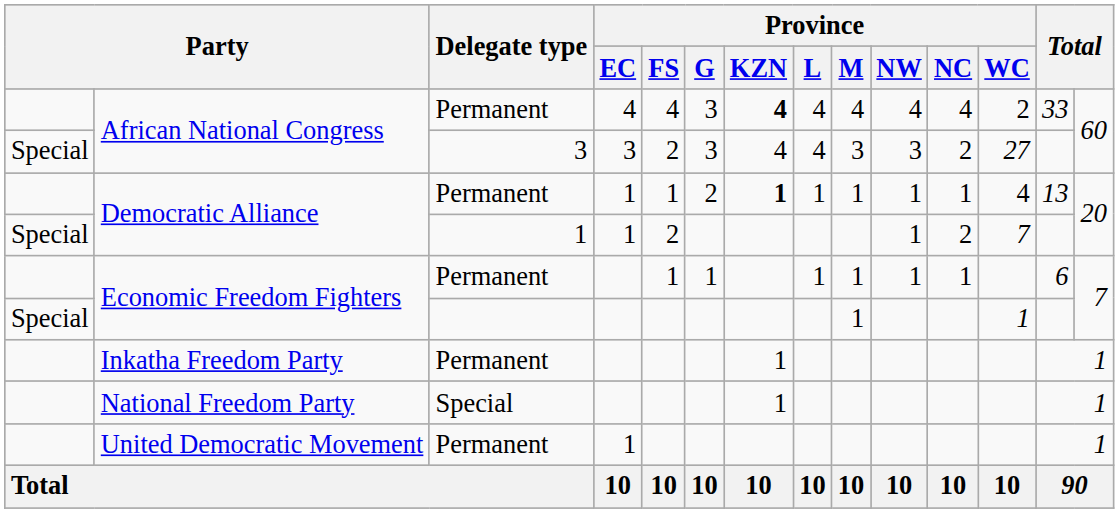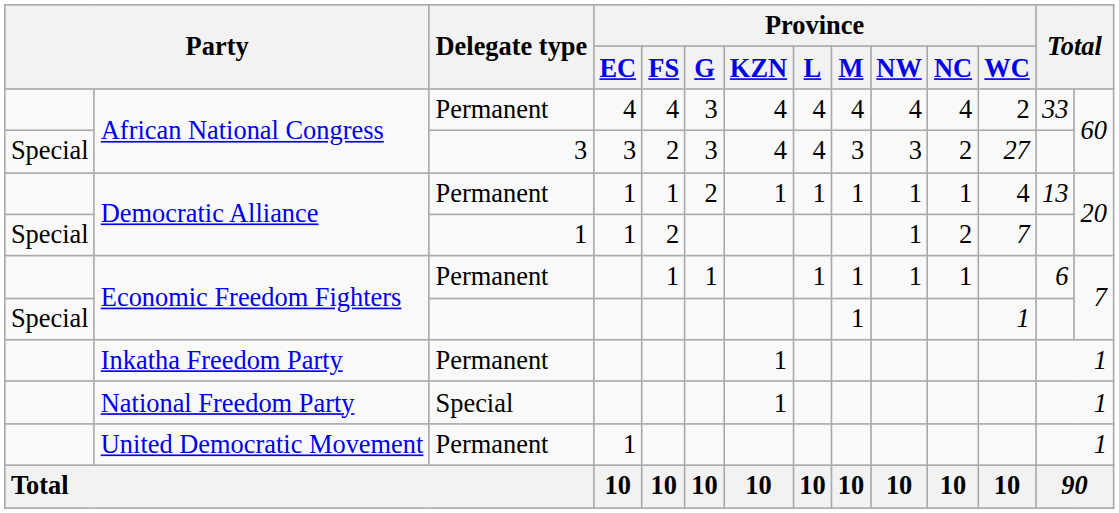 <table class=wikitable  style=text-align:right>
 <tr>
 <th colspan=2 rowspan=2>Party</th>
 <th rowspan=2>Delegate type</th>
 <th colspan=9 style="text-align:center">Province</th>
 <th colspan=2 rowspan=2><em>Total</em></th>
 </tr>
 <tr>
 <th><a href='#'>EC</a></th>
 <th><a href='#'>FS</a></th>
 <th><a href='#'>G</a></th>
 <th><a href='#'>KZN</a></th>
 <th><a href='#'>L</a></th>
 <th><a href='#'>M</a></th>
 <th><a href='#'>NW</a></th>
 <th><a href='#'>NC</a></th>
 <th><a href='#'>WC</a></th>
 </tr>
 <tr>
 <td bgcolor=></td>
 <td align=left rowspan=2><a href='#'>African National Congress</a></td>
 <td align=left>Permanent</td>
 <td>4</td>
 <td>4</td>
 <td>3</td>
-<td><strong>4</strong></td>
+<td>4</td>
 <td>4</td>
 <td>4</td>
 <td>4</td>
 <td>4</td>
 <td>2</td>
 <td><em>33</em></td>
 <td rowspan=2><em>60</em></td>
 </tr>
 <tr>
 <td align=left>Special</td>
 <td>3</td>
 <td>3</td>
 <td>2</td>
 <td>3</td>
 <td>4</td>
 <td>4</td>
 <td>3</td>
 <td>3</td>
 <td>2</td>
 <td><em>27</em></td>
 </tr>
 <tr>
 <td bgcolor=></td>
 <td align=left rowspan=2><a href='#'>Democratic Alliance</a></td>
 <td align=left>Permanent</td>
 <td>1</td>
 <td>1</td>
 <td>2</td>
-<td><strong>1</strong></td>
+<td>1</td>
 <td>1</td>
 <td>1</td>
 <td>1</td>
 <td>1</td>
 <td>4</td>
 <td><em>13</em></td>
 <td rowspan=2><em>20</em></td>
 </tr>
 <tr>
 <td align=left>Special</td>
 <td>1</td>
 <td>1</td>
 <td>2</td>
 <td></td>
 <td></td>
 <td></td>
 <td></td>
 <td>1</td>
 <td>2</td>
 <td><em>7</em></td>
 </tr>
 <tr>
 <td bgcolor=></td>
 <td align=left rowspan=2><a href='#'>Economic Freedom Fighters</a></td>
 <td align=left>Permanent</td>
 <td></td>
 <td>1</td>
 <td>1</td>
 <td></td>
 <td>1</td>
 <td>1</td>
 <td>1</td>
 <td>1</td>
 <td></td>
 <td><em>6</em></td>
 <td rowspan=2><em>7</em></td>
 </tr>
 <tr>
 <td align=left>Special</td>
 <td></td>
 <td></td>
 <td></td>
 <td></td>
 <td></td>
 <td></td>
 <td>1</td>
 <td></td>
 <td></td>
 <td><em>1</em></td>
 </tr>
 <tr>
 <td bgcolor=></td>
 <td align=left><a href='#'>Inkatha Freedom Party</a></td>
 <td align=left>Permanent</td>
 <td></td>
 <td></td>
 <td></td>
 <td>1</td>
 <td></td>
 <td></td>
 <td></td>
 <td></td>
 <td></td>
 <td colspan=2><em>1</em></td>
 </tr>
 <tr>
 <td bgcolor=></td>
 <td align=left><a href='#'>National Freedom Party</a></td>
 <td align=left>Special</td>
 <td></td>
 <td></td>
 <td></td>
 <td>1</td>
 <td></td>
 <td></td>
 <td></td>
 <td></td>
 <td></td>
 <td colspan=2><em>1</em></td>
 </tr>
 <tr>
 <td bgcolor=></td>
 <td align=left><a href='#'>United Democratic Movement</a></td>
 <td align=left>Permanent</td>
 <td>1</td>
 <td></td>
 <td></td>
 <td></td>
 <td></td>
 <td></td>
 <td></td>
 <td></td>
 <td></td>
 <td colspan=2><em>1</em></td>
 </tr>
 <tr>
 <th colspan="3" style="text-align:left">Total</th>
 <th>10</th>
 <th>10</th>
 <th>10</th>
 <th>10</th>
 <th>10</th>
 <th>10</th>
 <th>10</th>
 <th>10</th>
 <th>10</th>
 <th colspan=2><em>90</em></th>
 </tr>
 </table>
